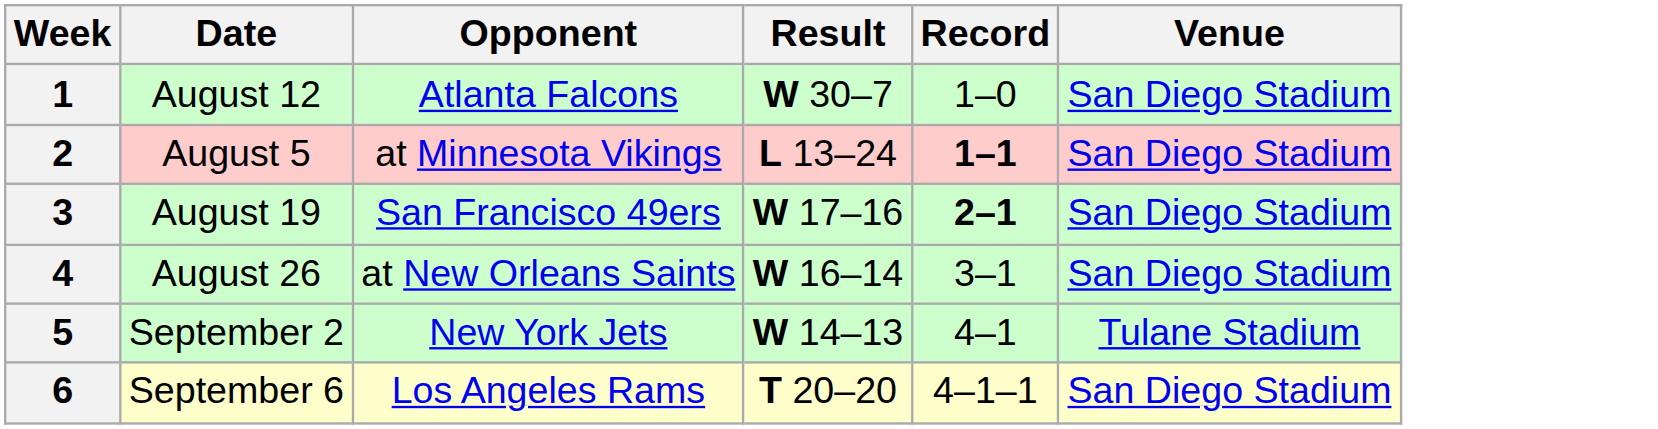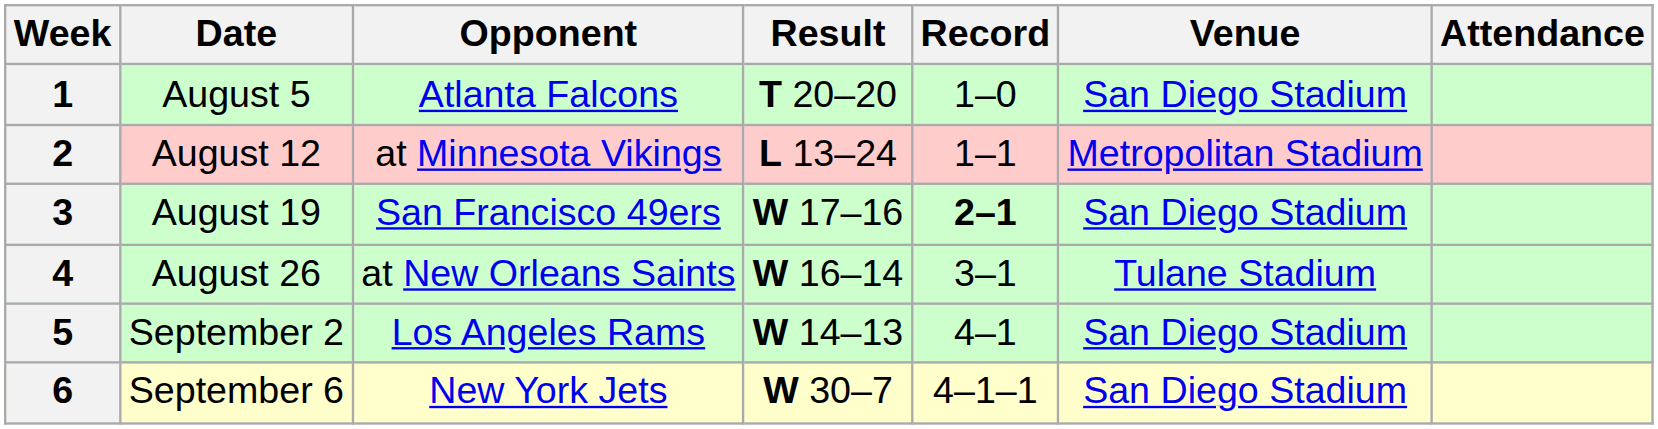 <table class="wikitable" style="text-align:center">
 <tr>
 <th>Week</th>
 <th>Date</th>
 <th>Opponent</th>
 <th>Result</th>
 <th>Record</th>
 <th>Venue</th>
+<th>Attendance</th>
 </tr>
 <tr style="background:#cfc">
 <th>1</th>
-<td>August 12</td>
+<td>August 5</td>
 <td><a href='#'>Atlanta Falcons</a></td>
-<td><strong>W</strong> 30–7</td>
+<td><strong>T</strong> 20–20</td>
 <td>1–0</td>
 <td><a href='#'>San Diego Stadium</a></td>
+<td></td>
 </tr>
 <tr style="background:#fcc">
 <th>2</th>
-<td>August 5</td>
+<td>August 12</td>
 <td>at <a href='#'>Minnesota Vikings</a></td>
 <td><strong>L</strong> 13–24</td>
-<td><strong>1–1</strong></td>
-<td><a href='#'>San Diego Stadium</a></td>
+<td>1–1</td>
+<td><a href='#'>Metropolitan Stadium</a></td>
+<td></td>
 </tr>
 <tr style="background:#cfc">
 <th>3</th>
 <td>August 19</td>
 <td><a href='#'>San Francisco 49ers</a></td>
 <td><strong>W</strong> 17–16</td>
 <td><strong>2–1</strong></td>
 <td><a href='#'>San Diego Stadium</a></td>
+<td></td>
 </tr>
 <tr style="background:#cfc">
 <th>4</th>
 <td>August 26</td>
 <td>at <a href='#'>New Orleans Saints</a></td>
 <td><strong>W</strong> 16–14</td>
 <td>3–1</td>
-<td><a href='#'>San Diego Stadium</a></td>
+<td><a href='#'>Tulane Stadium</a></td>
+<td></td>
 </tr>
 <tr style="background:#cfc">
 <th>5</th>
 <td>September 2</td>
-<td><a href='#'>New York Jets</a></td>
+<td><a href='#'>Los Angeles Rams</a></td>
 <td><strong>W</strong> 14–13</td>
 <td>4–1</td>
-<td><a href='#'>Tulane Stadium</a></td>
+<td><a href='#'>San Diego Stadium</a></td>
+<td></td>
 </tr>
 <tr style="background:#ffc">
 <th>6</th>
 <td>September 6</td>
-<td><a href='#'>Los Angeles Rams</a></td>
-<td><strong>T</strong> 20–20</td>
+<td><a href='#'>New York Jets</a></td>
+<td><strong>W</strong> 30–7</td>
 <td>4–1–1</td>
 <td><a href='#'>San Diego Stadium</a></td>
+<td></td>
 </tr>
 </table>
